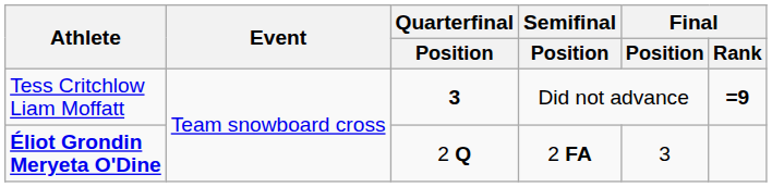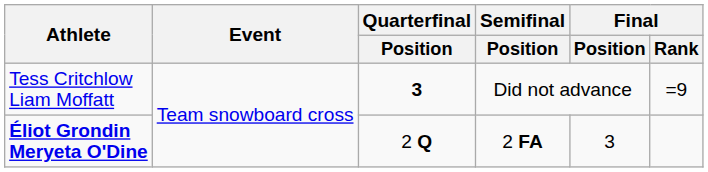 <table class=wikitable style=font-size:90%;text-align:center>
 <tr>
 <th rowspan=2>Athlete</th>
 <th rowspan=2>Event</th>
 <th>Quarterfinal</th>
 <th>Semifinal</th>
 <th colspan=2>Final</th>
 </tr>
 <tr style=font-size:95%>
 <th>Position</th>
 <th>Position</th>
 <th>Position</th>
 <th>Rank</th>
 </tr>
 <tr>
 <td align=left><a href='#'>Tess Critchlow</a><br><a href='#'>Liam Moffatt</a></td>
 <td align=left rowspan=2><a href='#'>Team snowboard cross</a></td>
 <td><strong>3</strong></td>
 <td colspan=2>Did not advance</td>
-<td><strong>=9</strong></td>
+<td>=9</td>
 </tr>
 <tr>
 <td align=left><strong><a href='#'>Éliot Grondin</a><br><a href='#'>Meryeta O'Dine</a></strong></td>
 <td>2 <strong>Q</strong></td>
 <td>2 <strong>FA</strong></td>
 <td>3</td>
 <td></td>
 </tr>
 </table>
